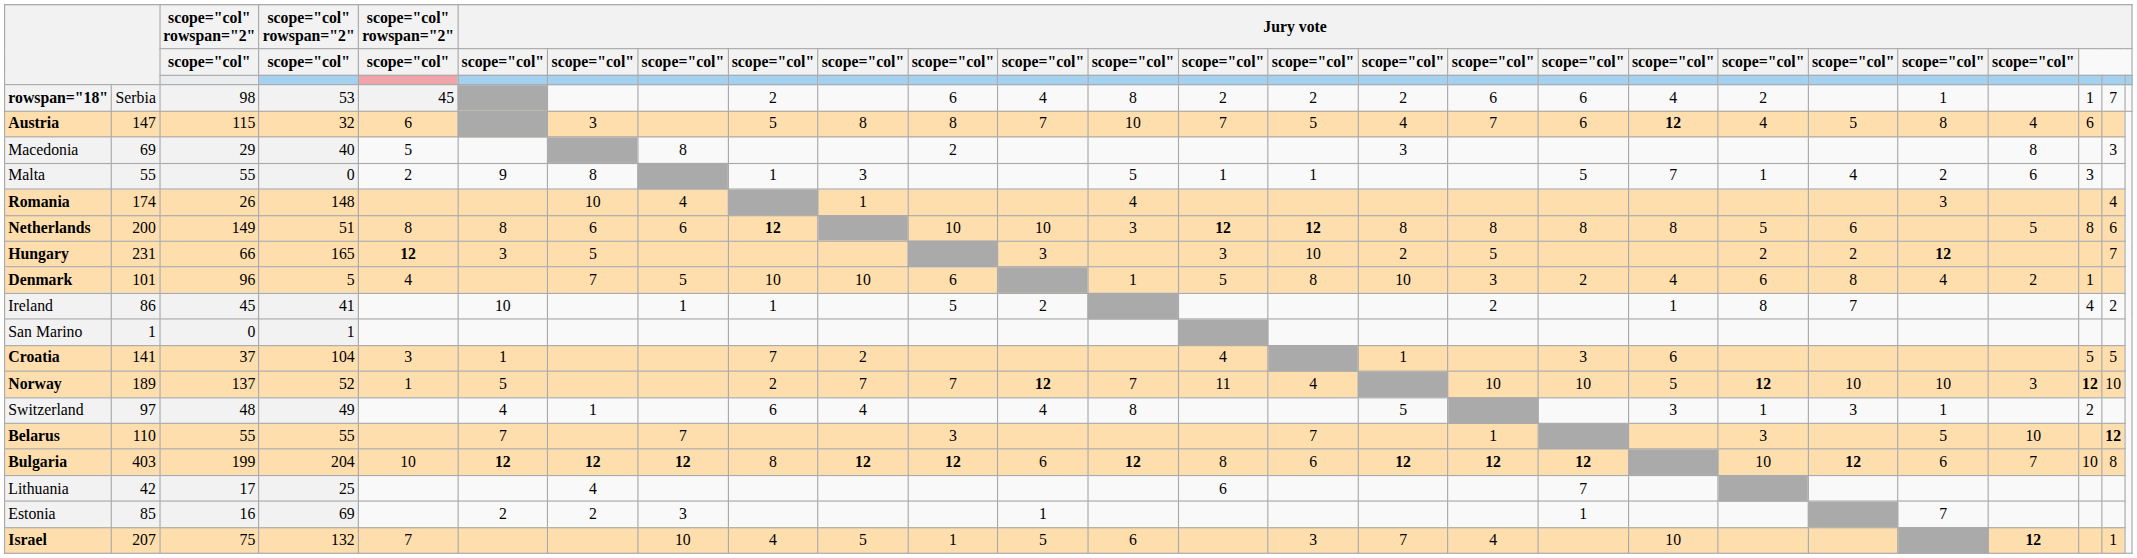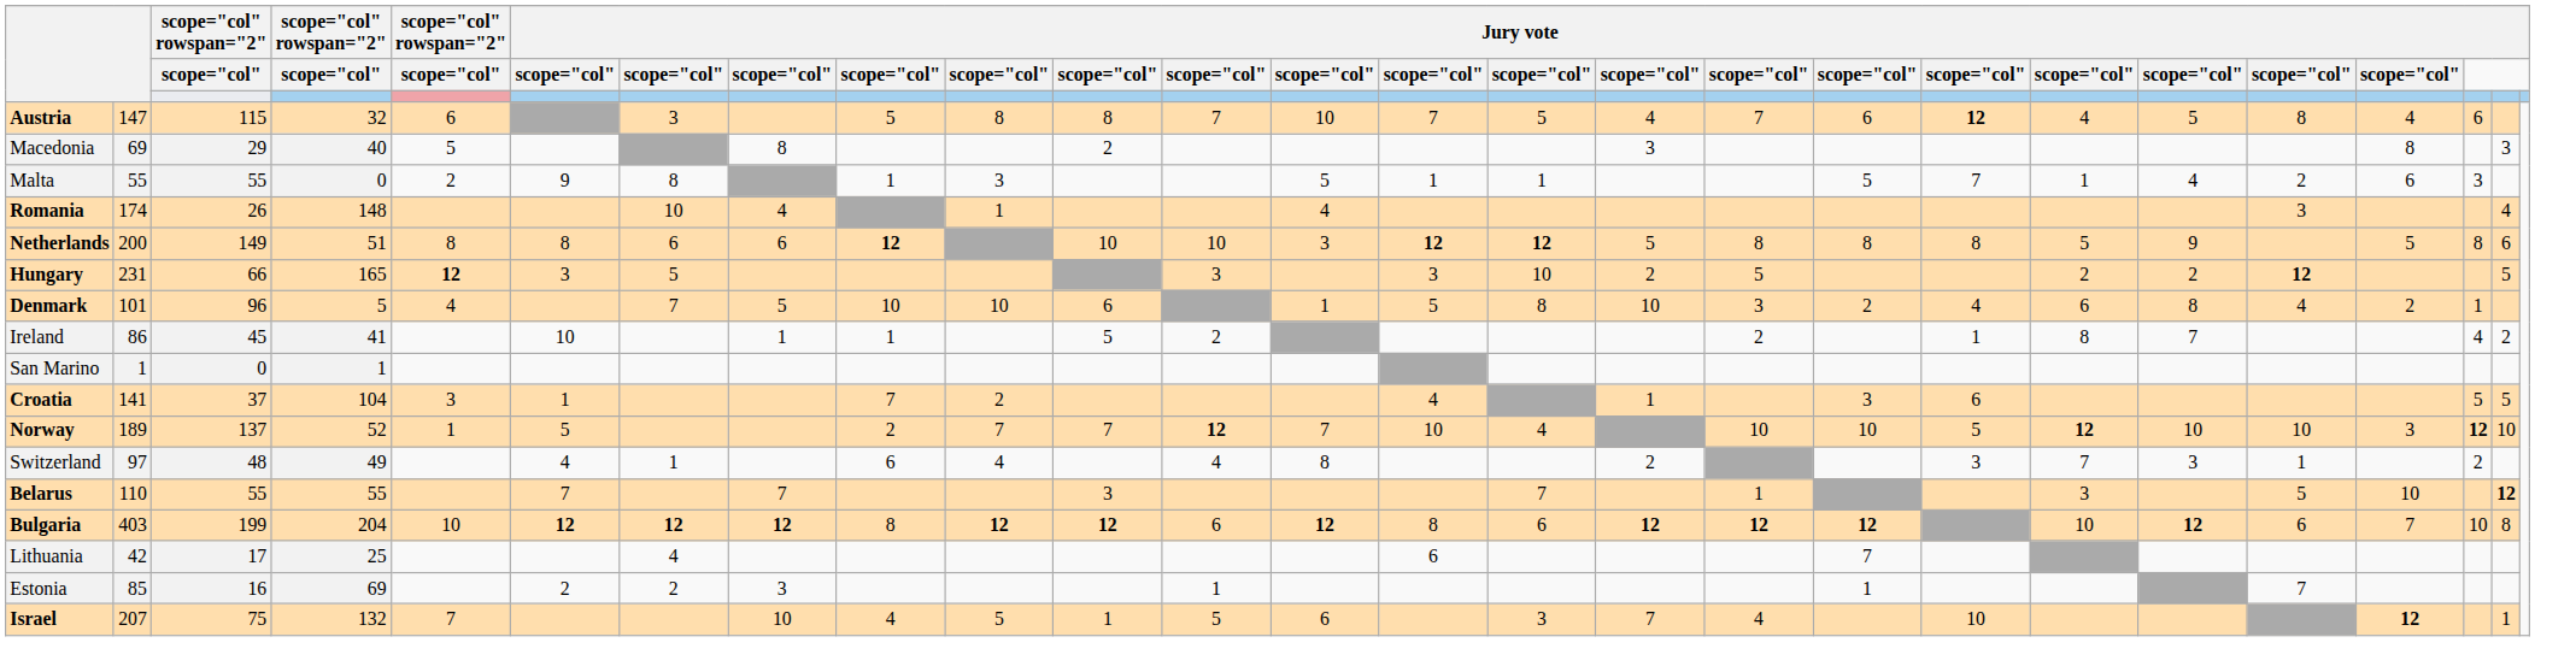 <table class="wikitable plainrowheaders" style="text-align:center; font-size:85%;">
 <tr>
 </tr>
 <tr>
 <td colspan="2" rowspan="3" style="background: #F2F2F2;"></td>
 <th>scope="col" rowspan="2" </th>
 <th>scope="col" rowspan="2" </th>
 <th>scope="col" rowspan="2" </th>
 <th scope="col" colspan="21">Jury vote</th>
 </tr>
 <tr>
 <th>scope="col" </th>
 <th>scope="col" </th>
 <th>scope="col" </th>
 <th>scope="col" </th>
 <th>scope="col" </th>
 <th>scope="col" </th>
 <th>scope="col" </th>
 <th>scope="col" </th>
 <th>scope="col" </th>
 <th>scope="col" </th>
 <th>scope="col" </th>
 <th>scope="col" </th>
 <th>scope="col" </th>
 <th>scope="col" </th>
 <th>scope="col" </th>
 <th>scope="col" </th>
 <th>scope="col" </th>
 <th>scope="col" </th>
 <th>scope="col" </th>
 <th>scope="col" </th>
 <th>scope="col" </th>
 </tr>
 <tr>
 <td style="height:2px; background:#eaecf0; border-top:1px solid transparent;"></td>
 <td style="background:#A4D1EF;"></td>
 <td style="background:#EFA4A9;"></td>
 <th style="background:#A4D1EF;"></th>
 <th style="background:#A4D1EF;"></th>
 <th style="background:#A4D1EF;"></th>
 <th style="background:#A4D1EF;"></th>
 <th style="background:#A4D1EF;"></th>
 <th style="background:#A4D1EF;"></th>
 <th style="background:#A4D1EF;"></th>
 <th style="background:#A4D1EF;"></th>
 <th style="background:#A4D1EF;"></th>
 <th style="background:#A4D1EF;"></th>
 <th style="background:#A4D1EF;"></th>
 <th style="background:#A4D1EF;"></th>
 <th style="background:#A4D1EF;"></th>
 <th style="background:#A4D1EF;"></th>
 <th style="background:#A4D1EF;"></th>
 <th style="background:#A4D1EF;"></th>
 <th style="background:#A4D1EF;"></th>
 <th style="background:#A4D1EF;"></th>
 <th style="background:#A4D1EF;"></th>
 <th style="background:#A4D1EF;"></th>
 <th style="background:#A4D1EF;"></th>
-</tr>
-<tr>
-<th>rowspan="18" </th>
-<td scope="row" style="text-align:left; background:#f2f2f2;">Serbia</td>
-<td style="text-align:right; background:#f2f2f2;">98</td>
-<td style="text-align:right; background:#f2f2f2;">53</td>
-<td style="text-align:right; background:#f2f2f2;">45</td>
-<td style="background:#aaa;"></td>
-<td></td>
-<td></td>
-<td>2</td>
-<td></td>
-<td>6</td>
-<td>4</td>
-<td>8</td>
-<td>2</td>
-<td>2</td>
-<td>2</td>
-<td>6</td>
-<td>6</td>
-<td>4</td>
-<td>2</td>
-<td></td>
-<td>1</td>
-<td></td>
-<td>1</td>
-<td>7</td>
-<td></td>
 </tr>
 <tr style="background:#ffdead;">
 <td scope="row" style="text-align:left; font-weight:bold; ">Austria</td>
 <td style="text-align:right;">147</td>
 <td style="text-align:right;">115</td>
 <td style="text-align:right;">32</td>
 <td>6</td>
 <td style="background:#aaa;"></td>
 <td>3</td>
 <td></td>
 <td>5</td>
 <td>8</td>
 <td>8</td>
 <td>7</td>
 <td>10</td>
 <td>7</td>
 <td>5</td>
 <td>4</td>
 <td>7</td>
 <td>6</td>
 <td><strong>12</strong></td>
 <td>4</td>
 <td>5</td>
 <td>8</td>
 <td>4</td>
 <td>6</td>
 <td></td>
 </tr>
 <tr>
 <td scope="row" style="text-align:left; background:#f2f2f2;">Macedonia</td>
 <td style="text-align:right; background:#f2f2f2;">69</td>
 <td style="text-align:right; background:#f2f2f2;">29</td>
 <td style="text-align:right; background:#f2f2f2;">40</td>
 <td>5</td>
 <td></td>
 <td style="background:#aaa;"></td>
 <td>8</td>
 <td></td>
 <td></td>
 <td>2</td>
 <td></td>
 <td></td>
 <td></td>
 <td></td>
 <td>3</td>
 <td></td>
 <td></td>
 <td></td>
 <td></td>
 <td></td>
 <td></td>
 <td>8</td>
 <td></td>
 <td>3</td>
 </tr>
 <tr>
 <td scope="row" style="text-align:left; background:#f2f2f2;">Malta</td>
 <td style="text-align:right; background:#f2f2f2;">55</td>
 <td style="text-align:right; background:#f2f2f2;">55</td>
 <td style="text-align:right; background:#f2f2f2;">0</td>
 <td>2</td>
 <td>9</td>
 <td>8</td>
 <td style="background:#aaa;"></td>
 <td>1</td>
 <td>3</td>
 <td></td>
 <td></td>
 <td>5</td>
 <td>1</td>
 <td>1</td>
 <td></td>
 <td></td>
 <td>5</td>
 <td>7</td>
 <td>1</td>
 <td>4</td>
 <td>2</td>
 <td>6</td>
 <td>3</td>
 <td></td>
 </tr>
 <tr style="background:#ffdead;">
 <td scope="row" style="text-align:left; font-weight:bold; ">Romania</td>
 <td style="text-align:right;">174</td>
 <td style="text-align:right;">26</td>
 <td style="text-align:right;">148</td>
 <td></td>
 <td></td>
 <td>10</td>
 <td>4</td>
 <td style="background:#aaa;"></td>
 <td>1</td>
 <td></td>
 <td></td>
 <td>4</td>
 <td></td>
 <td></td>
 <td></td>
 <td></td>
 <td></td>
 <td></td>
 <td></td>
 <td></td>
 <td>3</td>
 <td></td>
 <td></td>
 <td>4</td>
 </tr>
 <tr style="background:#ffdead;">
 <td scope="row" style="text-align:left; font-weight:bold; ">Netherlands</td>
 <td style="text-align:right;">200</td>
 <td style="text-align:right;">149</td>
 <td style="text-align:right;">51</td>
 <td>8</td>
 <td>8</td>
 <td>6</td>
 <td>6</td>
 <td><strong>12</strong></td>
 <td style="background:#aaa;"></td>
 <td>10</td>
 <td>10</td>
 <td>3</td>
 <td><strong>12</strong></td>
 <td><strong>12</strong></td>
-<td>8</td>
+<td>5</td>
 <td>8</td>
 <td>8</td>
 <td>8</td>
 <td>5</td>
-<td>6</td>
+<td>9</td>
 <td></td>
 <td>5</td>
 <td>8</td>
 <td>6</td>
 </tr>
 <tr style="background:#ffdead;">
 <td scope="row" style="text-align:left; font-weight:bold; ">Hungary</td>
 <td style="text-align:right;">231</td>
 <td style="text-align:right;">66</td>
 <td style="text-align:right;">165</td>
 <td><strong>12</strong></td>
 <td>3</td>
 <td>5</td>
 <td></td>
 <td></td>
 <td></td>
 <td style="background:#aaa;"></td>
 <td>3</td>
 <td></td>
 <td>3</td>
 <td>10</td>
 <td>2</td>
 <td>5</td>
 <td></td>
 <td></td>
 <td>2</td>
 <td>2</td>
 <td><strong>12</strong></td>
 <td></td>
 <td></td>
-<td>7</td>
+<td>5</td>
 </tr>
 <tr style="background:#ffdead;">
 <td scope="row" style="text-align:left; font-weight:bold; ">Denmark</td>
 <td style="text-align:right;">101</td>
 <td style="text-align:right;">96</td>
 <td style="text-align:right;">5</td>
 <td>4</td>
 <td></td>
 <td>7</td>
 <td>5</td>
 <td>10</td>
 <td>10</td>
 <td>6</td>
 <td style="background:#aaa;"></td>
 <td>1</td>
 <td>5</td>
 <td>8</td>
 <td>10</td>
 <td>3</td>
 <td>2</td>
 <td>4</td>
 <td>6</td>
 <td>8</td>
 <td>4</td>
 <td>2</td>
 <td>1</td>
 <td></td>
 </tr>
 <tr>
 <td scope="row" style="text-align:left; background:#f2f2f2;">Ireland</td>
 <td style="text-align:right; background:#f2f2f2;">86</td>
 <td style="text-align:right; background:#f2f2f2;">45</td>
 <td style="text-align:right; background:#f2f2f2;">41</td>
 <td></td>
 <td>10</td>
 <td></td>
 <td>1</td>
 <td>1</td>
 <td></td>
 <td>5</td>
 <td>2</td>
 <td style="background:#aaa;"></td>
 <td></td>
 <td></td>
 <td></td>
 <td>2</td>
 <td></td>
 <td>1</td>
 <td>8</td>
 <td>7</td>
 <td></td>
 <td></td>
 <td>4</td>
 <td>2</td>
 </tr>
 <tr>
 <td scope="row" style="text-align:left; background:#f2f2f2;">San Marino</td>
 <td style="text-align:right; background:#f2f2f2;">1</td>
 <td style="text-align:right; background:#f2f2f2;">0</td>
 <td style="text-align:right; background:#f2f2f2;">1</td>
 <td></td>
 <td></td>
 <td></td>
 <td></td>
 <td></td>
 <td></td>
 <td></td>
 <td></td>
 <td></td>
 <td style="background:#aaa;"></td>
 <td></td>
 <td></td>
 <td></td>
 <td></td>
 <td></td>
 <td></td>
 <td></td>
 <td></td>
 <td></td>
 <td></td>
 <td></td>
 </tr>
 <tr style="background:#ffdead;">
 <td scope="row" style="text-align:left; font-weight:bold; ">Croatia</td>
 <td style="text-align:right;">141</td>
 <td style="text-align:right;">37</td>
 <td style="text-align:right;">104</td>
 <td>3</td>
 <td>1</td>
 <td></td>
 <td></td>
 <td>7</td>
 <td>2</td>
 <td></td>
 <td></td>
 <td></td>
 <td>4</td>
 <td style="background:#aaa;"></td>
 <td>1</td>
 <td></td>
 <td>3</td>
 <td>6</td>
 <td></td>
 <td></td>
 <td></td>
 <td></td>
 <td>5</td>
 <td>5</td>
 </tr>
 <tr style="background:#ffdead;">
 <td scope="row" style="text-align:left; font-weight:bold; ">Norway</td>
 <td style="text-align:right;">189</td>
 <td style="text-align:right;">137</td>
 <td style="text-align:right;">52</td>
 <td>1</td>
 <td>5</td>
 <td></td>
 <td></td>
 <td>2</td>
 <td>7</td>
 <td>7</td>
 <td><strong>12</strong></td>
 <td>7</td>
-<td>11</td>
+<td>10</td>
 <td>4</td>
 <td style="background:#aaa;"></td>
 <td>10</td>
 <td>10</td>
 <td>5</td>
 <td><strong>12</strong></td>
 <td>10</td>
 <td>10</td>
 <td>3</td>
 <td><strong>12</strong></td>
 <td>10</td>
 </tr>
 <tr>
 <td scope="row" style="text-align:left; background:#f2f2f2;">Switzerland</td>
 <td style="text-align:right; background:#f2f2f2;">97</td>
 <td style="text-align:right; background:#f2f2f2;">48</td>
 <td style="text-align:right; background:#f2f2f2;">49</td>
 <td></td>
 <td>4</td>
 <td>1</td>
 <td></td>
 <td>6</td>
 <td>4</td>
 <td></td>
 <td>4</td>
 <td>8</td>
 <td></td>
 <td></td>
-<td>5</td>
+<td>2</td>
 <td style="background:#aaa;"></td>
 <td></td>
 <td>3</td>
-<td>1</td>
+<td>7</td>
 <td>3</td>
 <td>1</td>
 <td></td>
 <td>2</td>
 <td></td>
 </tr>
 <tr style="background:#ffdead;">
 <td scope="row" style="text-align:left; font-weight:bold; ">Belarus</td>
 <td style="text-align:right;">110</td>
 <td style="text-align:right;">55</td>
 <td style="text-align:right;">55</td>
 <td></td>
 <td>7</td>
 <td></td>
 <td>7</td>
 <td></td>
 <td></td>
 <td>3</td>
 <td></td>
 <td></td>
 <td></td>
 <td>7</td>
 <td></td>
 <td>1</td>
 <td style="background:#aaa;"></td>
 <td></td>
 <td>3</td>
 <td></td>
 <td>5</td>
 <td>10</td>
 <td></td>
 <td><strong>12</strong></td>
 </tr>
 <tr style="background:#ffdead;">
 <td scope="row" style="text-align:left; font-weight:bold; ">Bulgaria</td>
 <td style="text-align:right;">403</td>
 <td style="text-align:right;">199</td>
 <td style="text-align:right;">204</td>
 <td>10</td>
 <td><strong>12</strong></td>
 <td><strong>12</strong></td>
 <td><strong>12</strong></td>
 <td>8</td>
 <td><strong>12</strong></td>
 <td><strong>12</strong></td>
 <td>6</td>
 <td><strong>12</strong></td>
 <td>8</td>
 <td>6</td>
 <td><strong>12</strong></td>
 <td><strong>12</strong></td>
 <td><strong>12</strong></td>
 <td style="background:#aaa;"></td>
 <td>10</td>
 <td><strong>12</strong></td>
 <td>6</td>
 <td>7</td>
 <td>10</td>
 <td>8</td>
 </tr>
 <tr>
 <td scope="row" style="text-align:left; background:#f2f2f2;">Lithuania</td>
 <td style="text-align:right; background:#f2f2f2;">42</td>
 <td style="text-align:right; background:#f2f2f2;">17</td>
 <td style="text-align:right; background:#f2f2f2;">25</td>
 <td></td>
 <td></td>
 <td>4</td>
 <td></td>
 <td></td>
 <td></td>
 <td></td>
 <td></td>
 <td></td>
 <td>6</td>
 <td></td>
 <td></td>
 <td></td>
 <td>7</td>
 <td></td>
 <td style="background:#aaa;"></td>
 <td></td>
 <td></td>
 <td></td>
 <td></td>
 <td></td>
 </tr>
 <tr>
 <td scope="row" style="text-align:left; background:#f2f2f2;">Estonia</td>
 <td style="text-align:right; background:#f2f2f2;">85</td>
 <td style="text-align:right; background:#f2f2f2;">16</td>
 <td style="text-align:right; background:#f2f2f2;">69</td>
 <td></td>
 <td>2</td>
 <td>2</td>
 <td>3</td>
 <td></td>
 <td></td>
 <td></td>
 <td>1</td>
 <td></td>
 <td></td>
 <td></td>
 <td></td>
 <td></td>
 <td>1</td>
 <td></td>
 <td></td>
 <td style="background:#aaa;"></td>
 <td>7</td>
 <td></td>
 <td></td>
 <td></td>
 </tr>
 <tr style="background:#ffdead;">
 <td scope="row" style="text-align:left; font-weight:bold; ">Israel</td>
 <td style="text-align:right;">207</td>
 <td style="text-align:right;">75</td>
 <td style="text-align:right;">132</td>
 <td>7</td>
 <td></td>
 <td></td>
 <td>10</td>
 <td>4</td>
 <td>5</td>
 <td>1</td>
 <td>5</td>
 <td>6</td>
 <td></td>
 <td>3</td>
 <td>7</td>
 <td>4</td>
 <td></td>
 <td>10</td>
 <td></td>
 <td></td>
 <td style="background:#aaa;"></td>
 <td><strong>12</strong></td>
 <td></td>
 <td>1</td>
 </tr>
 </table>
